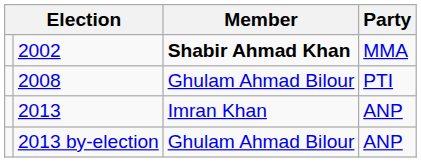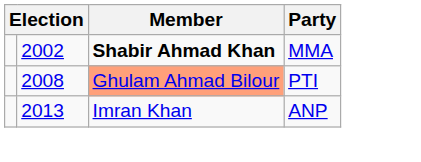 <table class="wikitable">
 <tr>
 <th colspan="2">Election</th>
 <th>Member</th>
 <th>Party</th>
 </tr>
 <tr>
 <td style="background-color: "></td>
 <td><a href='#'>2002</a></td>
 <td><strong>Shabir Ahmad Khan</strong></td>
 <td><a href='#'>MMA</a></td>
 </tr>
 <tr>
 <td style="background-color: "></td>
 <td><a href='#'>2008</a></td>
-<td><a href='#'>Ghulam Ahmad Bilour</a></td>
+<td style="background: lightsalmon;"><a href='#'>Ghulam Ahmad Bilour</a></td>
 <td><a href='#'>PTI</a></td>
 </tr>
 <tr>
 <td style="background-color: "></td>
 <td><a href='#'>2013</a></td>
 <td><a href='#'>Imran Khan</a></td>
 <td><a href='#'>ANP</a></td>
 </tr>
-<tr>
-<td style="background-color: "></td>
-<td><a href='#'>2013 by-election</a></td>
-<td><a href='#'>Ghulam Ahmad Bilour</a></td>
-<td><a href='#'>ANP</a></td>
-</tr>
 </table>
